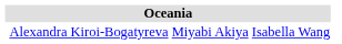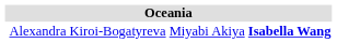 <table>
 <tr bgcolor="DFDFDF">
 <td colspan="4" align="center"><strong>Oceania</strong></td>
 </tr>
 <tr>
 <th scope=row style="text-align:left"><br></th>
 <td valign="top"> <a href='#'>Alexandra Kiroi-Bogatyreva</a></td>
 <td valign="top"> <a href='#'>Miyabi Akiya</a></td>
-<td valign="top"> <a href='#'>Isabella Wang</a></td>
+<td valign="top"><strong> <a href='#'>Isabella Wang</a></strong></td>
 </tr>
 <tr bgcolor="DFDFDF">
 </tr>
 </table>
